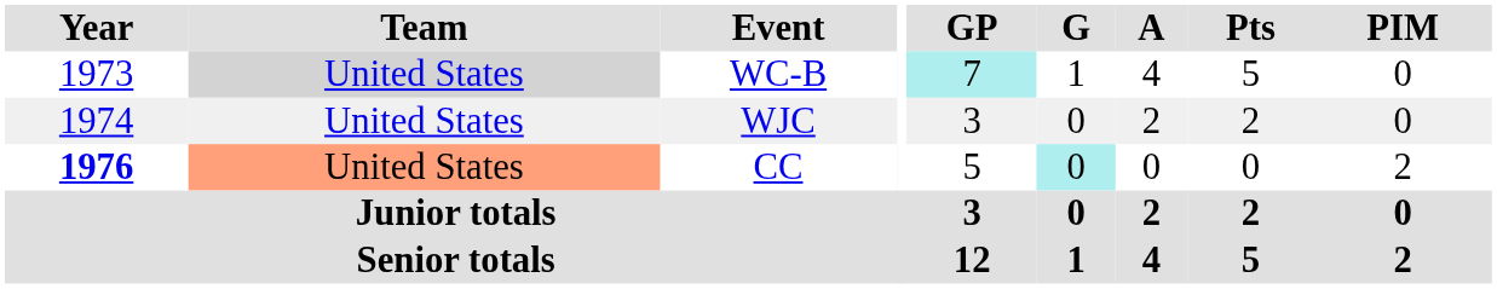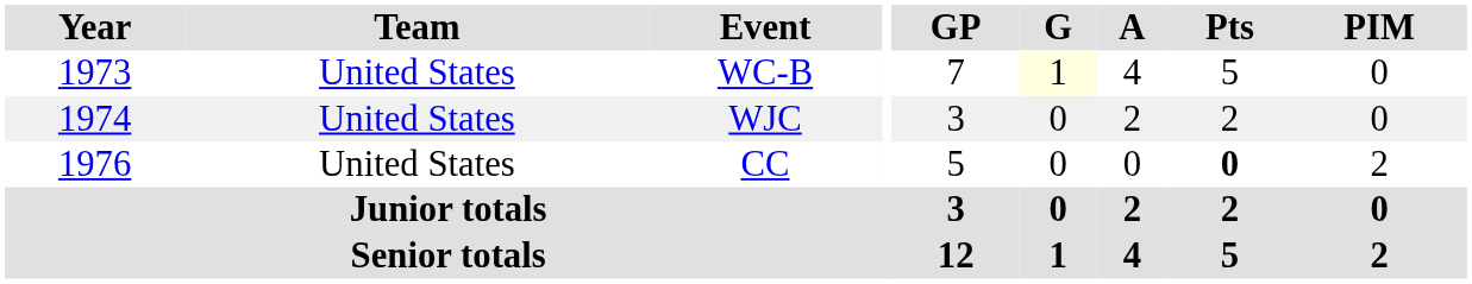 <table border="0" cellpadding="1" cellspacing="0" ID="Table3" style="text-align:center; width:40em">
 <tr bgcolor="#e0e0e0">
 <th>Year</th>
 <th>Team</th>
 <th>Event</th>
 <th rowspan="102" bgcolor="#ffffff"></th>
 <th>GP</th>
 <th>G</th>
 <th>A</th>
 <th>Pts</th>
 <th>PIM</th>
 </tr>
 <tr>
 <td><a href='#'>1973</a></td>
-<td style="background: lightgrey;"><a href='#'>United States</a></td>
+<td><a href='#'>United States</a></td>
 <td><a href='#'>WC-B</a></td>
-<td style="background: paleturquoise;">7</td>
-<td>1</td>
+<td>7</td>
+<td style="background: lightyellow;">1</td>
 <td>4</td>
 <td>5</td>
 <td>0</td>
 </tr>
 <tr bgcolor="#f0f0f0">
 <td><a href='#'>1974</a></td>
 <td><a href='#'>United States</a></td>
 <td><a href='#'>WJC</a></td>
 <td>3</td>
 <td>0</td>
 <td>2</td>
 <td>2</td>
 <td>0</td>
 </tr>
 <tr>
-<td><strong><a href='#'>1976</a></strong></td>
-<td style="background: lightsalmon;">United States</td>
+<td><a href='#'>1976</a></td>
+<td>United States</td>
 <td><a href='#'>CC</a></td>
 <td>5</td>
-<td style="background: paleturquoise;">0</td>
 <td>0</td>
 <td>0</td>
+<td><strong>0</strong></td>
 <td>2</td>
 </tr>
 <tr bgcolor="#e0e0e0">
 <th colspan="4">Junior totals</th>
 <th>3</th>
 <th>0</th>
 <th>2</th>
 <th>2</th>
 <th>0</th>
 </tr>
 <tr bgcolor="#e0e0e0">
 <th colspan="4">Senior totals</th>
 <th>12</th>
 <th>1</th>
 <th>4</th>
 <th>5</th>
 <th>2</th>
 </tr>
 </table>
